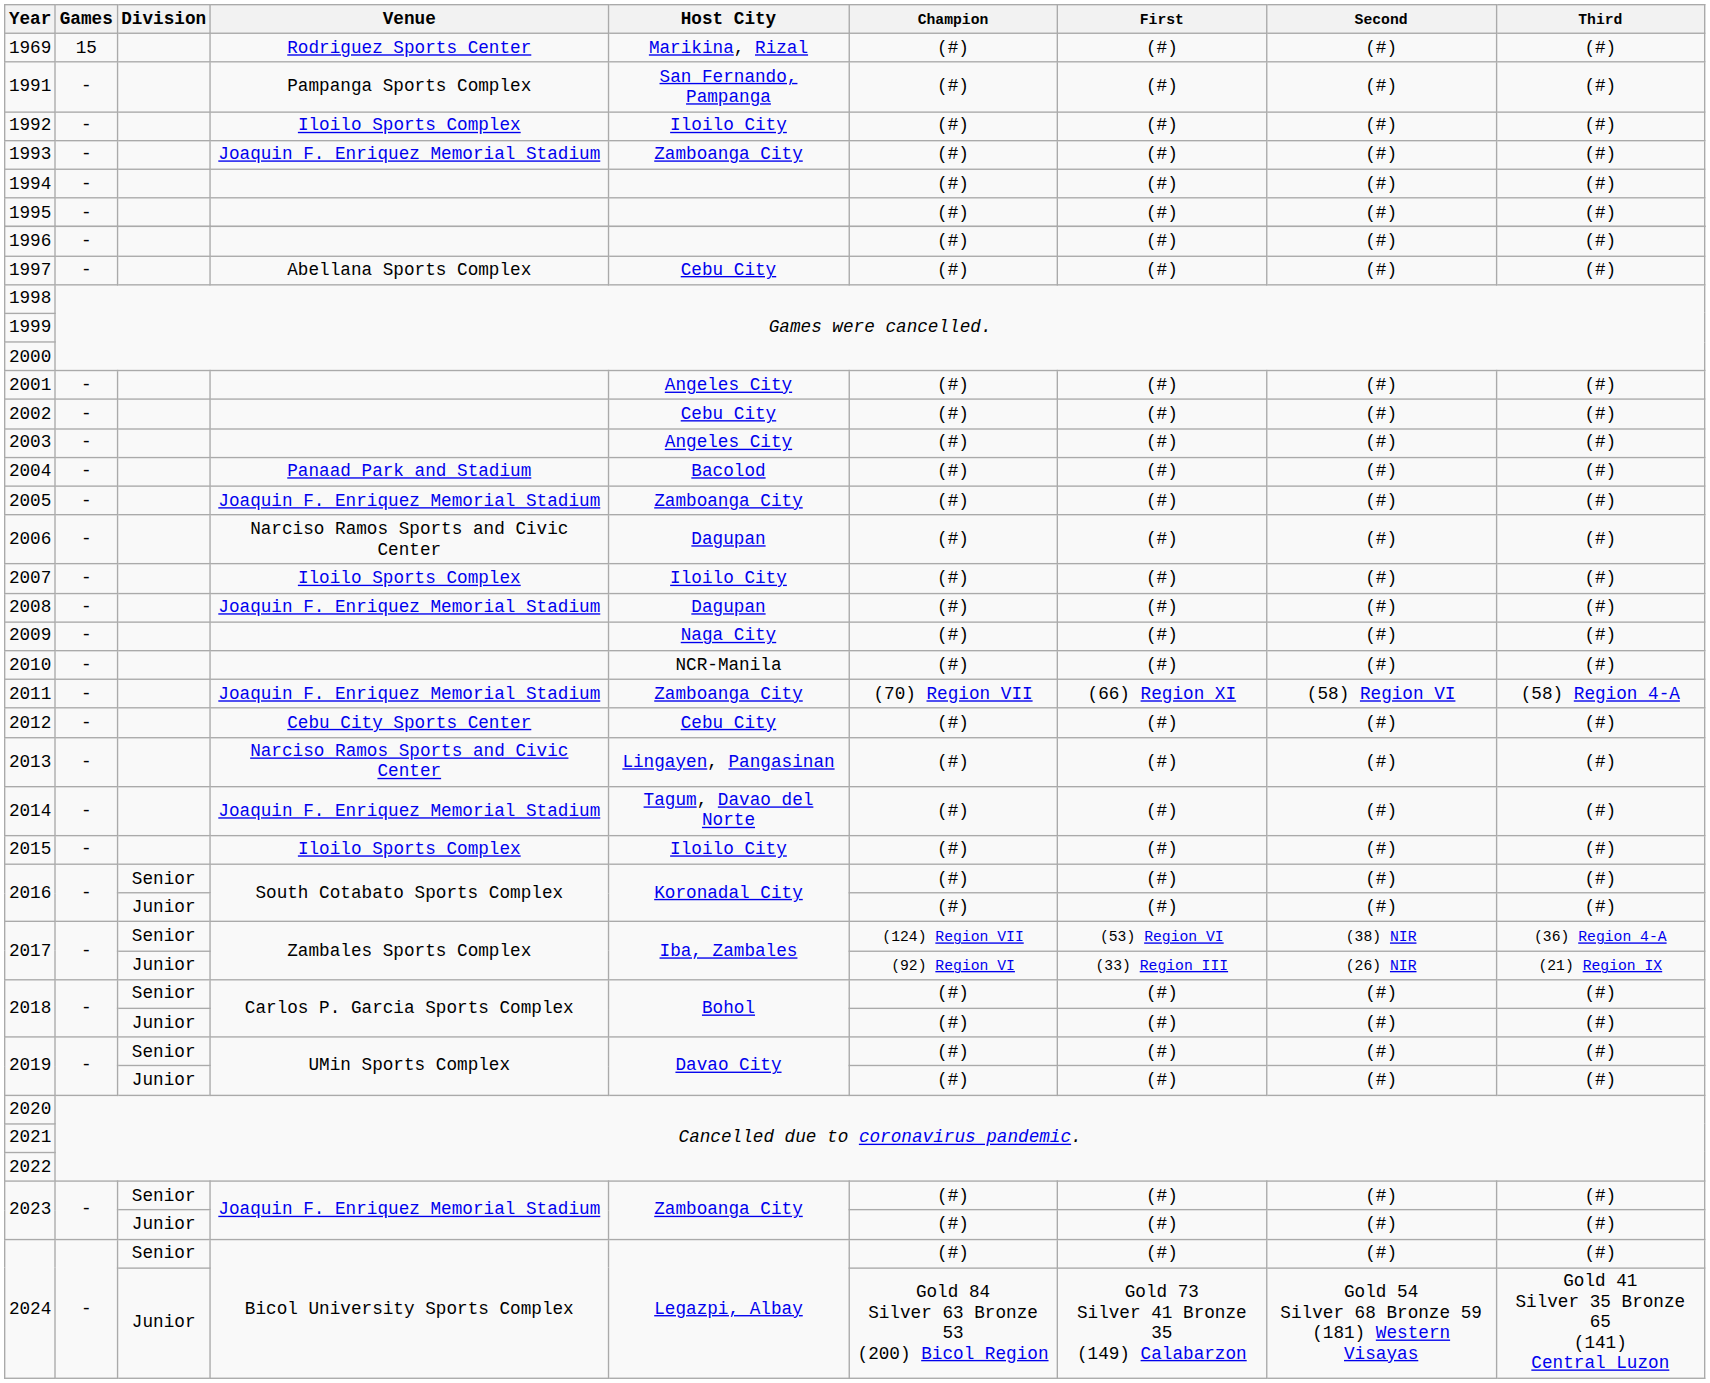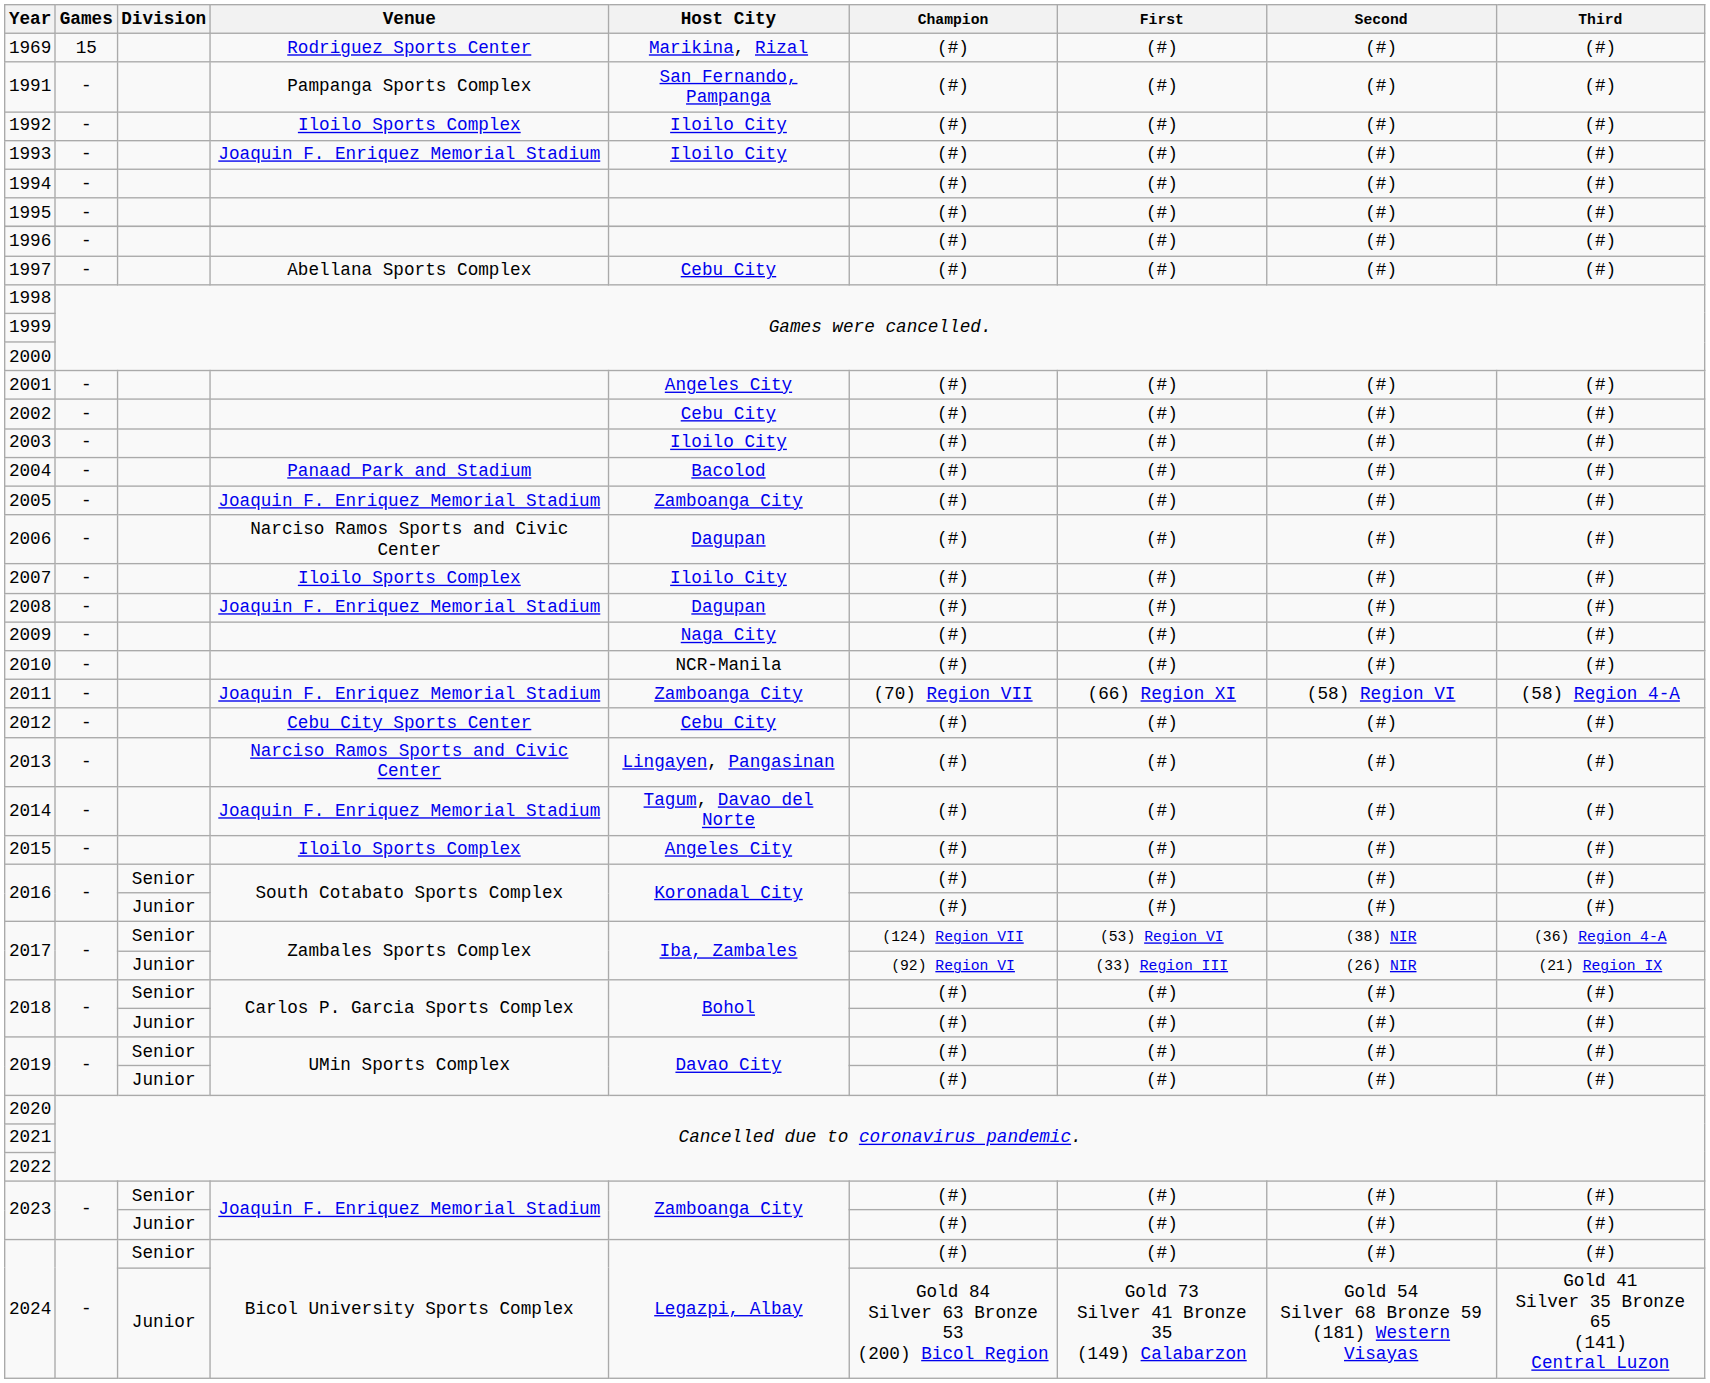 <table class=wikitable style="text-align:center;">
 <tr>
 <th>Year</th>
 <th>Games</th>
 <th>Division</th>
 <th>Venue</th>
 <th>Host City</th>
 <th> <small>Champion</small></th>
 <th> <small>First</small></th>
 <th> <small>Second</small></th>
 <th> <small>Third</small></th>
 </tr>
 <tr>
 <td>1969</td>
 <td style="text-align:center;">15</td>
 <td></td>
 <td><a href='#'>Rodriguez Sports Center</a></td>
 <td><a href='#'>Marikina</a>, <a href='#'>Rizal</a></td>
 <td>(#)</td>
 <td>(#)</td>
 <td>(#)</td>
 <td>(#)</td>
 </tr>
 <tr>
 <td style="text-align:center;">1991</td>
 <td style="text-align:center;">-</td>
 <td></td>
 <td>Pampanga Sports Complex</td>
 <td><a href='#'>San Fernando, Pampanga</a></td>
 <td>(#)</td>
 <td>(#)</td>
 <td>(#)</td>
 <td>(#)</td>
 </tr>
 <tr>
 <td>1992</td>
 <td style="text-align:center;">-</td>
 <td></td>
 <td><a href='#'>Iloilo Sports Complex</a></td>
 <td><a href='#'>Iloilo City</a></td>
 <td>(#)</td>
 <td>(#)</td>
 <td>(#)</td>
 <td>(#)</td>
 </tr>
 <tr>
 <td>1993</td>
 <td style="text-align:center;">-</td>
 <td></td>
 <td><a href='#'>Joaquin F. Enriquez Memorial Stadium</a></td>
-<td><a href='#'>Zamboanga City</a></td>
+<td><a href='#'>Iloilo City</a></td>
 <td>(#)</td>
 <td>(#)</td>
 <td>(#)</td>
 <td>(#)</td>
 </tr>
 <tr>
 <td>1994</td>
 <td style="text-align:center;">-</td>
 <td></td>
 <td></td>
 <td></td>
 <td>(#)</td>
 <td>(#)</td>
 <td>(#)</td>
 <td>(#)</td>
 </tr>
 <tr>
 <td>1995</td>
 <td style="text-align:center;">-</td>
 <td></td>
 <td></td>
 <td></td>
 <td>(#)</td>
 <td>(#)</td>
 <td>(#)</td>
 <td>(#)</td>
 </tr>
 <tr>
 </tr>
 <tr>
 <td>1996</td>
 <td style="text-align:center;">-</td>
 <td></td>
 <td></td>
 <td></td>
 <td>(#)</td>
 <td>(#)</td>
 <td>(#)</td>
 <td>(#)</td>
 </tr>
 <tr>
 <td>1997</td>
 <td style="text-align:center;">-</td>
 <td></td>
 <td>Abellana Sports Complex</td>
 <td><a href='#'>Cebu City</a></td>
 <td>(#)</td>
 <td>(#)</td>
 <td>(#)</td>
 <td>(#)</td>
 </tr>
 <tr>
 <td>1998</td>
 <td rowspan="3" colspan="8"><em>Games were cancelled.</em></td>
 </tr>
 <tr>
 <td>1999</td>
 </tr>
 <tr>
 <td>2000</td>
 </tr>
 <tr>
 <td>2001</td>
 <td style="text-align:center;">-</td>
 <td></td>
 <td></td>
 <td><a href='#'>Angeles City</a></td>
 <td>(#)</td>
 <td>(#)</td>
 <td>(#)</td>
 <td>(#)</td>
 </tr>
 <tr>
 <td>2002</td>
 <td style="text-align:center;">-</td>
 <td></td>
 <td></td>
 <td><a href='#'>Cebu City</a></td>
 <td>(#)</td>
 <td>(#)</td>
 <td>(#)</td>
 <td>(#)</td>
 </tr>
 <tr>
 <td>2003</td>
 <td style="text-align:center;">-</td>
 <td></td>
 <td></td>
-<td><a href='#'>Angeles City</a></td>
+<td><a href='#'>Iloilo City</a></td>
 <td>(#)</td>
 <td>(#)</td>
 <td>(#)</td>
 <td>(#)</td>
 </tr>
 <tr>
 <td>2004</td>
 <td style="text-align:center;">-</td>
 <td></td>
 <td><a href='#'>Panaad Park and Stadium</a></td>
 <td><a href='#'>Bacolod</a></td>
 <td>(#)</td>
 <td>(#)</td>
 <td>(#)</td>
 <td>(#)</td>
 </tr>
 <tr>
 <td>2005</td>
 <td style="text-align:center;">-</td>
 <td></td>
 <td><a href='#'>Joaquin F. Enriquez Memorial Stadium</a></td>
 <td><a href='#'>Zamboanga City</a></td>
 <td>(#)</td>
 <td>(#)</td>
 <td>(#)</td>
 <td>(#)</td>
 </tr>
 <tr>
 <td>2006</td>
 <td style="text-align:center;">-</td>
 <td></td>
 <td>Narciso Ramos Sports and Civic Center</td>
 <td><a href='#'>Dagupan</a></td>
 <td>(#)</td>
 <td>(#)</td>
 <td>(#)</td>
 <td>(#)</td>
 </tr>
 <tr>
 <td>2007</td>
 <td style="text-align:center;">-</td>
 <td></td>
 <td><a href='#'>Iloilo Sports Complex</a></td>
 <td><a href='#'>Iloilo City</a></td>
 <td>(#)</td>
 <td>(#)</td>
 <td>(#)</td>
 <td>(#)</td>
 </tr>
 <tr>
 <td>2008</td>
 <td style="text-align:center;">-</td>
 <td></td>
 <td><a href='#'>Joaquin F. Enriquez Memorial Stadium</a></td>
 <td><a href='#'>Dagupan</a></td>
 <td>(#)</td>
 <td>(#)</td>
 <td>(#)</td>
 <td>(#)</td>
 </tr>
 <tr>
 <td>2009</td>
 <td style="text-align:center;">-</td>
 <td></td>
 <td></td>
 <td><a href='#'>Naga City</a></td>
 <td>(#)</td>
 <td>(#)</td>
 <td>(#)</td>
 <td>(#)</td>
 </tr>
 <tr>
 <td>2010</td>
 <td style="text-align:center;">-</td>
 <td></td>
 <td></td>
 <td>NCR-Manila</td>
 <td>(#)</td>
 <td>(#)</td>
 <td>(#)</td>
 <td>(#)</td>
 </tr>
 <tr>
 <td>2011</td>
 <td style="text-align:center;">-</td>
 <td></td>
 <td><a href='#'>Joaquin F. Enriquez Memorial Stadium</a></td>
 <td><a href='#'>Zamboanga City</a></td>
 <td>(70) <a href='#'>Region VII</a></td>
 <td>(66) <a href='#'>Region XI</a></td>
 <td>(58) <a href='#'>Region VI</a></td>
 <td>(58) <a href='#'>Region 4-A</a></td>
 </tr>
 <tr>
 <td>2012</td>
 <td style="text-align:center;">-</td>
 <td></td>
 <td><a href='#'>Cebu City Sports Center</a></td>
 <td><a href='#'>Cebu City</a></td>
 <td>(#)</td>
 <td>(#)</td>
 <td>(#)</td>
 <td>(#)</td>
 </tr>
 <tr>
 <td>2013</td>
 <td style="text-align:center;">-</td>
 <td></td>
 <td><a href='#'>Narciso Ramos Sports and Civic Center</a></td>
 <td><a href='#'>Lingayen</a>, <a href='#'>Pangasinan</a></td>
 <td>(#)</td>
 <td>(#)</td>
 <td>(#)</td>
 <td>(#)</td>
 </tr>
 <tr>
 <td>2014</td>
 <td style="text-align:center;">-</td>
 <td></td>
 <td><a href='#'>Joaquin F. Enriquez Memorial Stadium</a></td>
 <td><a href='#'>Tagum</a>, <a href='#'>Davao del Norte</a></td>
 <td>(#)</td>
 <td>(#)</td>
 <td>(#)</td>
 <td>(#)</td>
 </tr>
 <tr>
 <td>2015</td>
 <td style="text-align:center;">-</td>
 <td></td>
 <td><a href='#'>Iloilo Sports Complex</a></td>
-<td><a href='#'>Iloilo City</a></td>
+<td><a href='#'>Angeles City</a></td>
 <td>(#)</td>
 <td>(#)</td>
 <td>(#)</td>
 <td>(#)</td>
 </tr>
 <tr>
 <td rowspan=2>2016</td>
 <td rowspan=2 style="text-align:center;">-</td>
 <td style="text-align:center;">Senior</td>
 <td rowspan=2>South Cotabato Sports Complex</td>
 <td rowspan=2><a href='#'>Koronadal City</a></td>
 <td>(#)</td>
 <td>(#)</td>
 <td>(#)</td>
 <td>(#)</td>
 </tr>
 <tr>
 <td style="text-align:center;">Junior</td>
 <td>(#)</td>
 <td>(#)</td>
 <td>(#)</td>
 <td>(#)</td>
 </tr>
 <tr>
 <td rowspan=2>2017</td>
 <td rowspan=2 style="text-align:center;">-</td>
 <td style="text-align:center;">Senior</td>
 <td rowspan=2>Zambales Sports Complex</td>
 <td rowspan=2><a href='#'>Iba, Zambales</a></td>
 <td><small>(124) <a href='#'>Region VII</a></small></td>
 <td><small>(53) <a href='#'>Region VI</a></small></td>
 <td><small>(38) <a href='#'>NIR</a></small></td>
 <td><small>(36) <a href='#'>Region 4-A</a></small></td>
 </tr>
 <tr>
 <td style="text-align:center;">Junior</td>
 <td><small>(92) <a href='#'>Region VI</a></small></td>
 <td><small>(33) <a href='#'>Region III</a></small></td>
 <td><small>(26) <a href='#'>NIR</a></small></td>
 <td><small>(21) <a href='#'>Region IX</a></small></td>
 </tr>
 <tr>
 <td rowspan=2>2018</td>
 <td rowspan=2 style="text-align:center;">-</td>
 <td style="text-align:center;">Senior</td>
 <td rowspan=2>Carlos P. Garcia Sports Complex</td>
 <td rowspan=2><a href='#'>Bohol</a></td>
 <td>(#)</td>
 <td>(#)</td>
 <td>(#)</td>
 <td>(#)</td>
 </tr>
 <tr>
 <td style="text-align:center;">Junior</td>
 <td>(#)</td>
 <td>(#)</td>
 <td>(#)</td>
 <td>(#)</td>
 </tr>
 <tr>
 <td rowspan=2>2019</td>
 <td rowspan=2 style="text-align:center;">-</td>
 <td style="text-align:center;">Senior</td>
 <td rowspan=2>UMin Sports Complex</td>
 <td rowspan=2><a href='#'>Davao City</a></td>
 <td>(#)</td>
 <td>(#)</td>
 <td>(#)</td>
 <td>(#)</td>
 </tr>
 <tr>
 <td style="text-align:center;">Junior</td>
 <td>(#)</td>
 <td>(#)</td>
 <td>(#)</td>
 <td>(#)</td>
 </tr>
 <tr>
 <td>2020</td>
 <td rowspan="3" colspan="8"><em>Cancelled due to <a href='#'>coronavirus pandemic</a>.</em></td>
 </tr>
 <tr>
 <td>2021</td>
 </tr>
 <tr>
 <td>2022</td>
 </tr>
 <tr>
 <td rowspan=2>2023</td>
 <td rowspan=2 style="text-align:center;">-</td>
 <td style="text-align:center;">Senior</td>
 <td rowspan=2><a href='#'>Joaquin F. Enriquez Memorial Stadium</a></td>
 <td rowspan=2><a href='#'>Zamboanga City</a></td>
 <td>(#)</td>
 <td>(#)</td>
 <td>(#)</td>
 <td>(#)</td>
 </tr>
 <tr>
 <td style="text-align:center;">Junior</td>
 <td>(#)</td>
 <td>(#)</td>
 <td>(#)</td>
 <td>(#)</td>
 </tr>
 <tr>
 <td rowspan=2>2024</td>
 <td rowspan=2 style="text-align:center;">-</td>
 <td style="text-align:center;">Senior</td>
 <td rowspan=2>Bicol University Sports Complex</td>
 <td rowspan=2><a href='#'>Legazpi, Albay</a></td>
 <td>(#)</td>
 <td>(#)</td>
 <td>(#)</td>
 <td>(#)</td>
 </tr>
 <tr>
 <td style="text-align:center;">Junior</td>
 <td>Gold 84<br>Silver 63 Bronze 53<br>(200) <a href='#'>Bicol Region</a></td>
 <td>Gold 73<br>Silver 41 Bronze 35<br>(149) <a href='#'>Calabarzon</a></td>
 <td>Gold 54<br>Silver 68 Bronze 59<br>(181) <a href='#'>Western Visayas</a></td>
 <td>Gold 41<br>Silver 35 Bronze 65<br>(141)<br><a href='#'>Central Luzon</a></td>
 </tr>
 </table>
